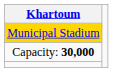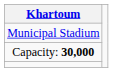 <table class="wikitable" style="text-align:center">
 <tr>
 <th><a href='#'>Khartoum</a></th>
 <td rowspan="4"></td>
 </tr>
 <tr>
-<td style="background: gold;"><a href='#'>Municipal Stadium</a></td>
+<td><a href='#'>Municipal Stadium</a></td>
 </tr>
 <tr>
 <td>Capacity: <strong>30,000</strong></td>
 </tr>
 <tr>
 <td></td>
 </tr>
 </table>
